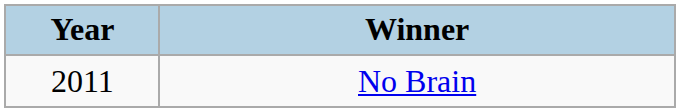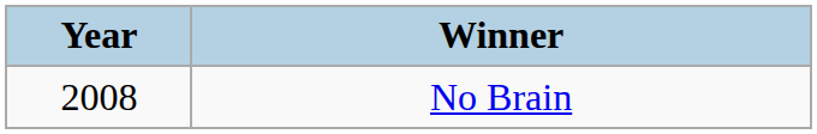 <table class="wikitable" style="text-align: center">
 <tr>
 <th width="70" style="background:#b3d1e3;">Year</th>
 <th width="250" style="background:#b3d1e3;">Winner</th>
 </tr>
 <tr>
-<td>2011</td>
+<td>2008</td>
 <td><a href='#'>No Brain</a></td>
 </tr>
 </table>
